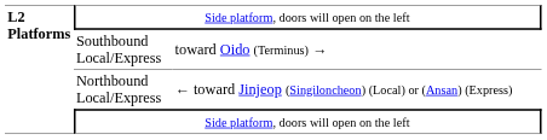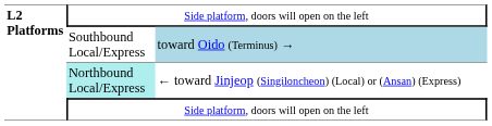 <table table border=0 cellspacing=0 cellpadding=3>
 <tr>
 <td style="border-top:solid 1px gray;border-bottom:solid 1px gray;" width=50 rowspan=10 valign=top><strong>L2<br>Platforms</strong></td>
 <td style="border-top:solid 1px gray;border-right:solid 2px black;border-left:solid 2px black;border-bottom:solid 2px black;text-align:center;" colspan=2><small><a href='#'>Side platform</a>, doors will open on the left</small></td>
 </tr>
 <tr>
 <td>Southbound Local/Express</td>
-<td>  toward <a href='#'>Oido</a> <small>(Terminus)</small> →</td>
+<td style="background: lightblue;">  toward <a href='#'>Oido</a> <small>(Terminus)</small> →</td>
 </tr>
 <tr>
-<td style="border-bottom:solid 0px gray;border-top:solid 1px gray;" width=100>Northbound Local/Express</td>
+<td style="background: paleturquoise; border-bottom:solid 0px gray;border-top:solid 1px gray;" width=100>Northbound Local/Express</td>
 <td style="border-bottom:solid 0px gray;border-top:solid 1px gray;" width=390>←  toward <a href='#'>Jinjeop</a> <small>(<a href='#'>Singiloncheon</a>) (Local) or (<a href='#'>Ansan</a>) (Express)</small></td>
 </tr>
 <tr>
 <td style="border-top:solid 2px black;border-right:solid 2px black;border-left:solid 2px black;border-bottom:solid 1px gray;text-align:center;" colspan=2><small><a href='#'>Side platform</a>, doors will open on the left</small></td>
 </tr>
 </table>
